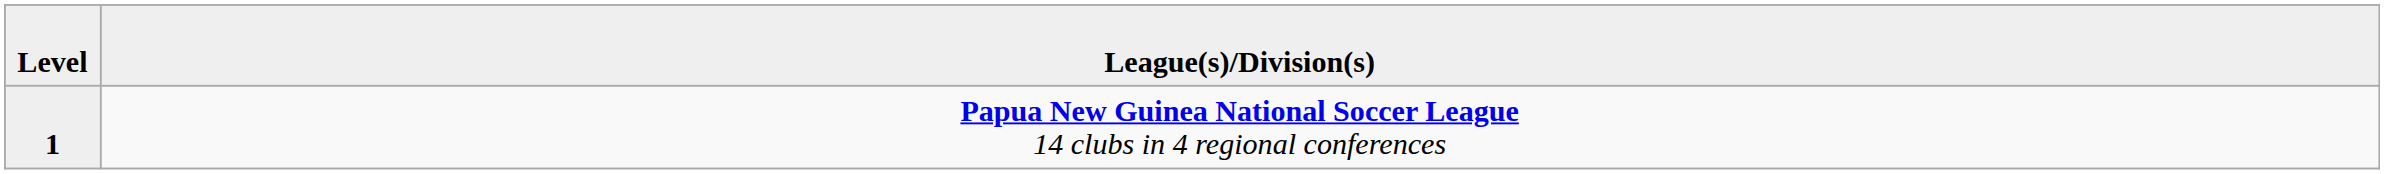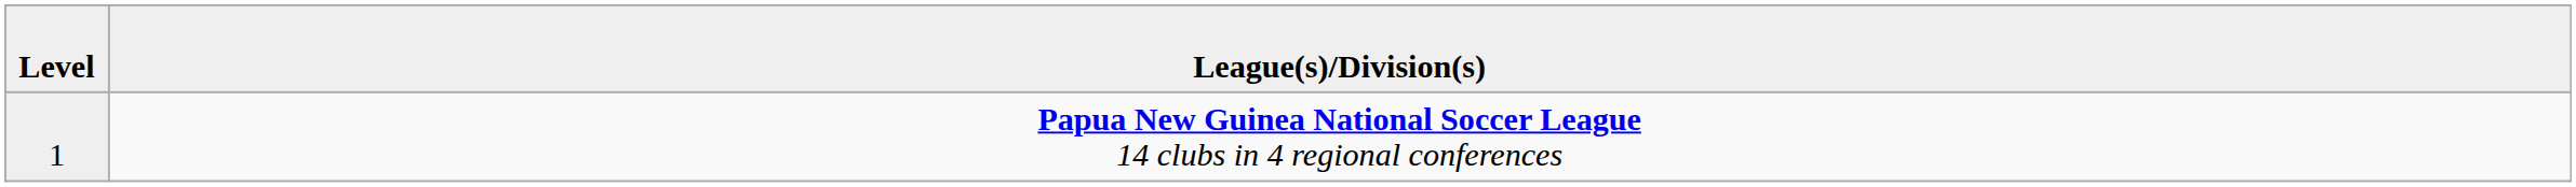 <table class="wikitable" style="text-align:center; width:100%;">
 <tr style="background:#efefef;">
 <td style="width:4%; text-align:center;"><br><strong>Level</strong></td>
 <td colspan="6" style="width:96%; text-align:center;"><br><strong>League(s)/Division(s)</strong></td>
 </tr>
 <tr>
-<td style="text-align:center; width:4%; background:#efefef;"><strong><br>1</strong></td>
+<td style="text-align:center; width:4%; background:#efefef;"><br>1</td>
 <td colspan="6"  style="width:48%; text-align:center;"><strong><a href='#'>Papua New Guinea National Soccer League</a></strong><br><em>14 clubs in 4 regional conferences</em></td>
 </tr>
 </table>
